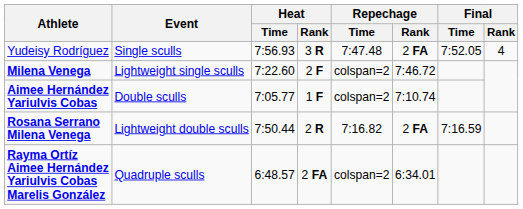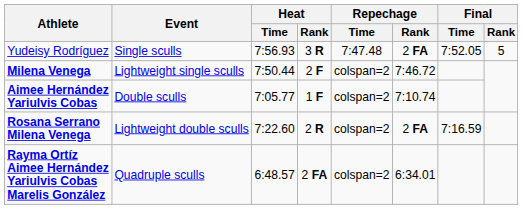 <table class=wikitable style=font-size:90%;text-align:center>
 <tr>
 <th rowspan=2>Athlete</th>
 <th rowspan=2>Event</th>
 <th colspan=2>Heat</th>
 <th colspan=2>Repechage</th>
 <th colspan=2>Final</th>
 </tr>
 <tr style=font-size:95%>
 <th>Time</th>
 <th>Rank</th>
 <th>Time</th>
 <th>Rank</th>
 <th>Time</th>
 <th>Rank</th>
 </tr>
 <tr>
 <td style="text-align:left"><a href='#'>Yudeisy Rodríguez</a></td>
 <td style="text-align:left"><a href='#'>Single sculls</a></td>
 <td>7:56.93</td>
 <td>3 <strong>R</strong></td>
 <td>7:47.48</td>
 <td>2 <strong>FA</strong></td>
 <td>7:52.05</td>
-<td>4</td>
+<td>5</td>
 </tr>
 <tr align=center>
 <td style="text-align:left"><strong><a href='#'>Milena Venega</a></strong></td>
 <td style="text-align:left"><a href='#'>Lightweight single sculls</a></td>
-<td>7:22.60</td>
+<td>7:50.44</td>
 <td>2 <strong>F</strong></td>
 <td>colspan=2 </td>
 <td>7:46.72</td>
 <td></td>
 </tr>
 <tr align=center>
 <td style="text-align:left"><strong><a href='#'>Aimee Hernández</a><br><a href='#'>Yariulvis Cobas</a></strong></td>
 <td style="text-align:left"><a href='#'>Double sculls</a></td>
 <td>7:05.77</td>
 <td>1 <strong>F</strong></td>
 <td>colspan=2 </td>
 <td>7:10.74</td>
 <td></td>
 </tr>
 <tr align=center>
 <td style="text-align:left"><strong><a href='#'>Rosana Serrano</a><br><a href='#'>Milena Venega</a></strong></td>
 <td style="text-align:left"><a href='#'>Lightweight double sculls</a></td>
-<td>7:50.44</td>
+<td>7:22.60</td>
 <td>2 <strong>R</strong></td>
-<td>7:16.82</td>
+<td>colspan=2 </td>
 <td>2 <strong>FA</strong></td>
 <td>7:16.59</td>
 <td></td>
 </tr>
 <tr align=center>
 <td style="text-align:left"><strong><a href='#'>Rayma Ortíz</a><br><a href='#'>Aimee Hernández</a><br><a href='#'>Yariulvis Cobas</a><br><a href='#'>Marelis González</a></strong></td>
 <td style="text-align:left"><a href='#'>Quadruple sculls</a></td>
 <td>6:48.57</td>
 <td>2 <strong>FA</strong></td>
 <td>colspan=2 </td>
 <td>6:34.01</td>
 <td></td>
 </tr>
 </table>
